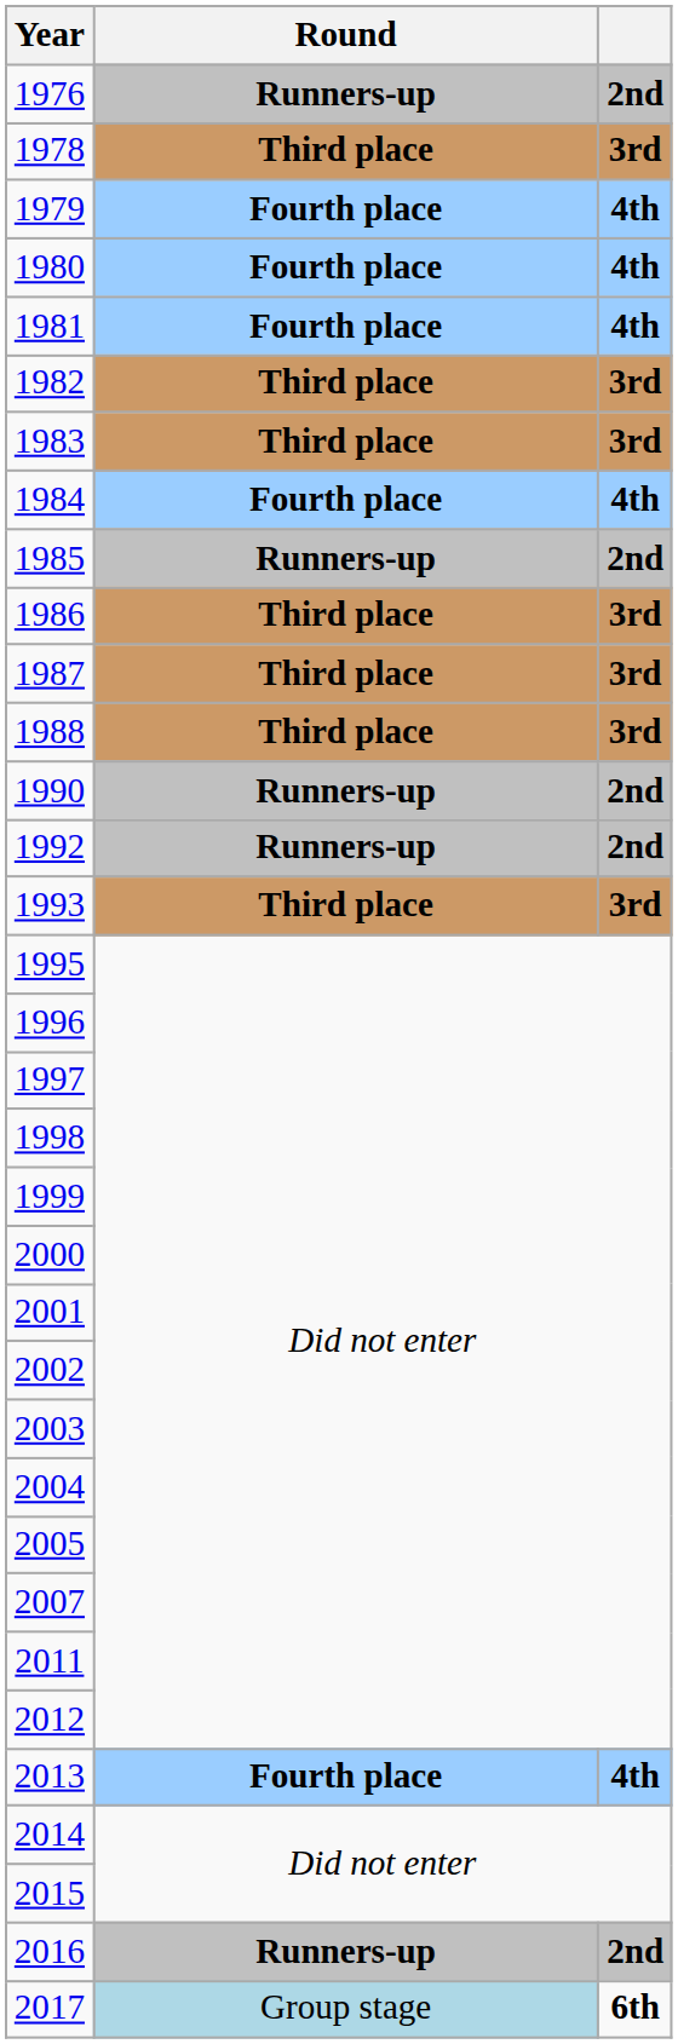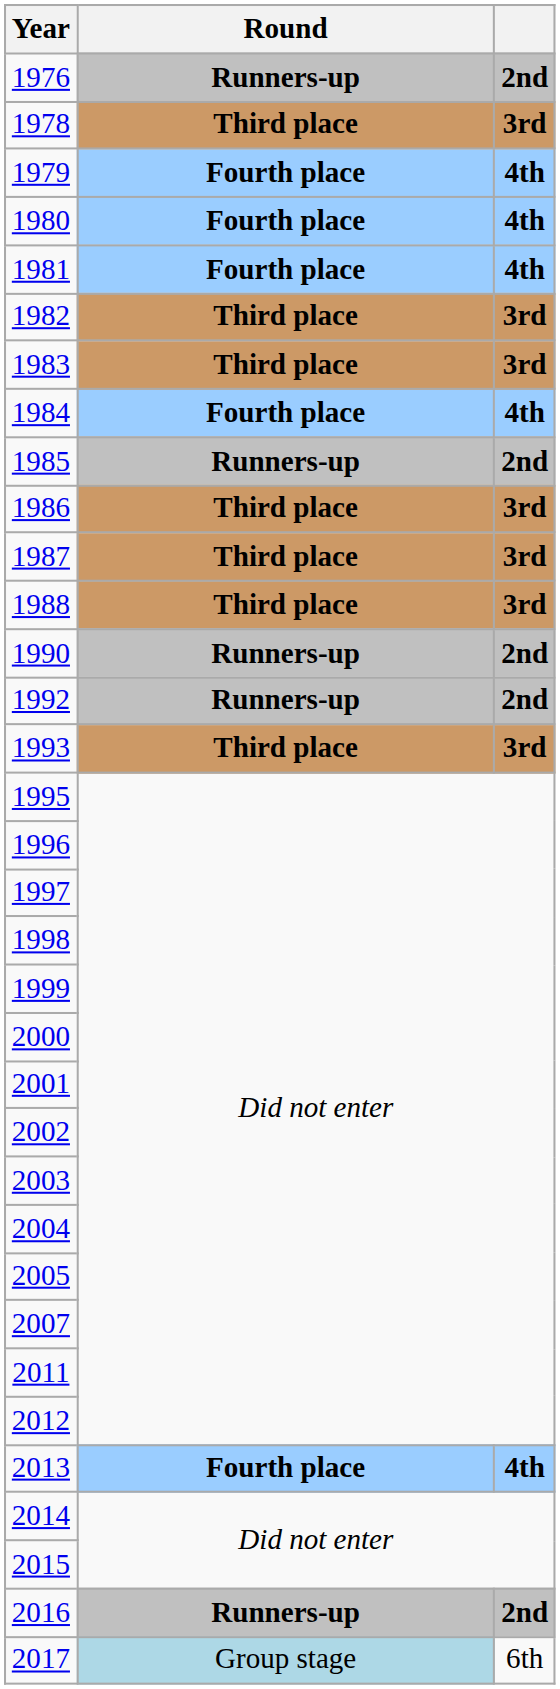 <table class="wikitable" style="text-align: center; font-size:90%">
 <tr>
 <th>Year</th>
 <th style="width:200px">Round</th>
 <th></th>
 </tr>
 <tr>
 <td><a href='#'>1976</a></td>
 <td bgcolor=Silver><strong>Runners-up</strong></td>
 <td bgcolor=Silver><strong>2nd</strong></td>
 </tr>
 <tr>
 <td><a href='#'>1978</a></td>
 <td bgcolor="cc9966"><strong>Third place</strong></td>
 <td bgcolor="cc9966"><strong>3rd</strong></td>
 </tr>
 <tr>
 <td><a href='#'>1979</a></td>
 <td bgcolor="9acdff"><strong>Fourth place</strong></td>
 <td bgcolor="9acdff"><strong>4th</strong></td>
 </tr>
 <tr>
 <td><a href='#'>1980</a></td>
 <td bgcolor="9acdff"><strong>Fourth place</strong></td>
 <td bgcolor="9acdff"><strong>4th</strong></td>
 </tr>
 <tr>
 <td><a href='#'>1981</a></td>
 <td bgcolor="9acdff"><strong>Fourth place</strong></td>
 <td bgcolor="9acdff"><strong>4th</strong></td>
 </tr>
 <tr>
 <td><a href='#'>1982</a></td>
 <td bgcolor="cc9966"><strong>Third place</strong></td>
 <td bgcolor="cc9966"><strong>3rd</strong></td>
 </tr>
 <tr>
 <td><a href='#'>1983</a></td>
 <td bgcolor="cc9966"><strong>Third place</strong></td>
 <td bgcolor="cc9966"><strong>3rd</strong></td>
 </tr>
 <tr>
 <td><a href='#'>1984</a></td>
 <td bgcolor="9acdff"><strong>Fourth place</strong></td>
 <td bgcolor="9acdff"><strong>4th</strong></td>
 </tr>
 <tr>
 <td><a href='#'>1985</a></td>
 <td bgcolor=Silver><strong>Runners-up</strong></td>
 <td bgcolor=Silver><strong>2nd</strong></td>
 </tr>
 <tr>
 <td><a href='#'>1986</a></td>
 <td bgcolor="cc9966"><strong>Third place</strong></td>
 <td bgcolor="cc9966"><strong>3rd</strong></td>
 </tr>
 <tr>
 <td><a href='#'>1987</a></td>
 <td bgcolor="cc9966"><strong>Third place</strong></td>
 <td bgcolor="cc9966"><strong>3rd</strong></td>
 </tr>
 <tr>
 <td><a href='#'>1988</a></td>
 <td bgcolor="cc9966"><strong>Third place</strong></td>
 <td bgcolor="cc9966"><strong>3rd</strong></td>
 </tr>
 <tr>
 <td><a href='#'>1990</a></td>
 <td bgcolor=Silver><strong>Runners-up</strong></td>
 <td bgcolor=Silver><strong>2nd</strong></td>
 </tr>
 <tr>
 <td><a href='#'>1992</a></td>
 <td bgcolor=Silver><strong>Runners-up</strong></td>
 <td bgcolor=Silver><strong>2nd</strong></td>
 </tr>
 <tr>
 <td><a href='#'>1993</a></td>
 <td bgcolor="cc9966"><strong>Third place</strong></td>
 <td bgcolor="cc9966"><strong>3rd</strong></td>
 </tr>
 <tr>
 <td><a href='#'>1995</a></td>
 <td colspan="2" rowspan="14"><em>Did not enter</em></td>
 </tr>
 <tr>
 <td><a href='#'>1996</a></td>
 </tr>
 <tr>
 <td><a href='#'>1997</a></td>
 </tr>
 <tr>
 <td><a href='#'>1998</a></td>
 </tr>
 <tr>
 <td><a href='#'>1999</a></td>
 </tr>
 <tr>
 <td><a href='#'>2000</a></td>
 </tr>
 <tr>
 <td><a href='#'>2001</a></td>
 </tr>
 <tr>
 <td><a href='#'>2002</a></td>
 </tr>
 <tr>
 <td><a href='#'>2003</a></td>
 </tr>
 <tr>
 <td><a href='#'>2004</a></td>
 </tr>
 <tr>
 <td><a href='#'>2005</a></td>
 </tr>
 <tr>
 <td><a href='#'>2007</a></td>
 </tr>
 <tr>
 <td><a href='#'>2011</a></td>
 </tr>
 <tr>
 <td><a href='#'>2012</a></td>
 </tr>
 <tr>
 <td><a href='#'>2013</a></td>
 <td bgcolor="9acdff"><strong>Fourth place</strong></td>
 <td bgcolor="9acdff"><strong>4th</strong></td>
 </tr>
 <tr>
 <td><a href='#'>2014</a></td>
 <td colspan="2" rowspan="2"><em>Did not enter</em></td>
 </tr>
 <tr>
 <td><a href='#'>2015</a></td>
 </tr>
 <tr>
 <td><a href='#'>2016</a></td>
 <td bgcolor=Silver><strong>Runners-up</strong></td>
 <td bgcolor=Silver><strong>2nd</strong></td>
 </tr>
 <tr>
 <td><a href='#'>2017</a></td>
 <td style="background: lightblue;">Group stage</td>
-<td><strong>6th</strong></td>
+<td>6th</td>
 </tr>
 </table>
